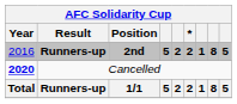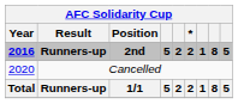 <table class="wikitable" style="text-align: center;">
 <tr>
 <th colspan=9><a href='#'>AFC Solidarity Cup</a></th>
 </tr>
 <tr>
 <th>Year</th>
 <th>Result</th>
 <th>Position</th>
 <th></th>
 <th></th>
 <th>*</th>
 <th></th>
 <th></th>
 <th></th>
 </tr>
 <tr style="background:silver;">
-<td> <a href='#'>2016</a></td>
+<td><strong> <a href='#'>2016</a></strong></td>
 <td><strong>Runners-up</strong></td>
 <td><strong>2nd</strong></td>
 <td><strong>5</strong></td>
 <td><strong>2</strong></td>
 <td><strong>2</strong></td>
 <td><strong>1</strong></td>
 <td><strong>8</strong></td>
 <td><strong>5</strong></td>
 </tr>
 <tr>
-<td><strong><a href='#'>2020</a></strong></td>
+<td><a href='#'>2020</a></td>
 <td colspan=8><em>Cancelled</em></td>
 </tr>
 <tr>
 <th>Total</th>
 <th>Runners-up</th>
 <th>1/1</th>
 <th>5</th>
 <th>2</th>
 <th>2</th>
 <th>1</th>
 <th>8</th>
 <th>5</th>
 </tr>
 <tr>
 </tr>
 </table>
